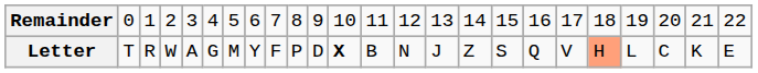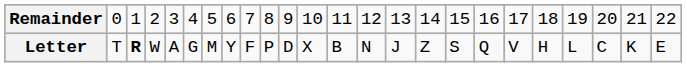 <table class="wikitable" style="font-size:80%;">
 <tr>
 <th>Remainder</th>
 <td>0</td>
 <td>1</td>
 <td>2</td>
 <td>3</td>
 <td>4</td>
 <td>5</td>
 <td>6</td>
 <td>7</td>
 <td>8</td>
 <td>9</td>
 <td>10</td>
 <td>11</td>
 <td>12</td>
 <td>13</td>
 <td>14</td>
 <td>15</td>
 <td>16</td>
 <td>17</td>
 <td>18</td>
 <td>19</td>
 <td>20</td>
 <td>21</td>
 <td>22</td>
 </tr>
 <tr>
 <th>Letter</th>
 <td>T</td>
-<td>R</td>
+<td><strong>R</strong></td>
 <td>W</td>
 <td>A</td>
 <td>G</td>
 <td>M</td>
 <td>Y</td>
 <td>F</td>
 <td>P</td>
 <td>D</td>
-<td><strong>X</strong></td>
+<td>X</td>
 <td>B</td>
 <td>N</td>
 <td>J</td>
 <td>Z</td>
 <td>S</td>
 <td>Q</td>
 <td>V</td>
-<td style="background: lightsalmon;">H</td>
+<td>H</td>
 <td>L</td>
 <td>C</td>
 <td>K</td>
 <td>E</td>
 </tr>
 </table>
